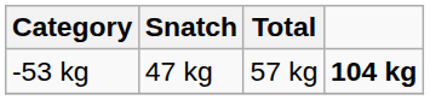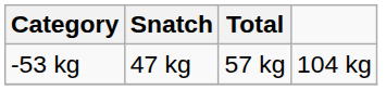 <table class="wikitable" border="1">
 <tr>
 <th>Category</th>
 <th>Snatch</th>
 <th>Total</th>
 </tr>
 <tr>
 <td>-53 kg</td>
 <td>47 kg</td>
 <td>57 kg</td>
-<td><strong>104 kg</strong></td>
+<td>104 kg</td>
 </tr>
 <tr>
 </tr>
 </table>
